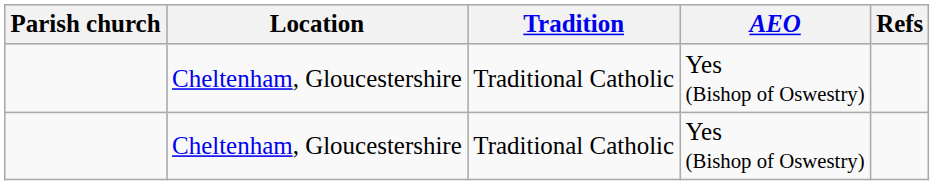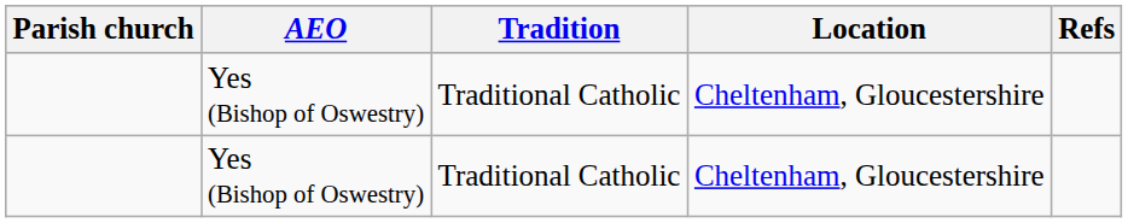 <table class="wikitable sortable">
 <tr>
 <th>Parish church</th>
+<th><em><a href='#'>AEO</a></em></th>
+<th><a href='#'>Tradition</a></th>
 <th>Location</th>
-<th><a href='#'>Tradition</a></th>
-<th><em><a href='#'>AEO</a></em></th>
 <th>Refs</th>
 </tr>
 <tr>
 <td></td>
+<td>Yes <br> <small>(Bishop of Oswestry)</small></td>
+<td>Traditional Catholic</td>
 <td><a href='#'>Cheltenham</a>, Gloucestershire</td>
-<td>Traditional Catholic</td>
-<td>Yes <br> <small>(Bishop of Oswestry)</small></td>
 <td></td>
 </tr>
 <tr>
 <td></td>
+<td>Yes <br> <small>(Bishop of Oswestry)</small></td>
+<td>Traditional Catholic</td>
 <td><a href='#'>Cheltenham</a>, Gloucestershire</td>
-<td>Traditional Catholic</td>
-<td>Yes <br> <small>(Bishop of Oswestry)</small></td>
 <td></td>
 </tr>
 </table>
